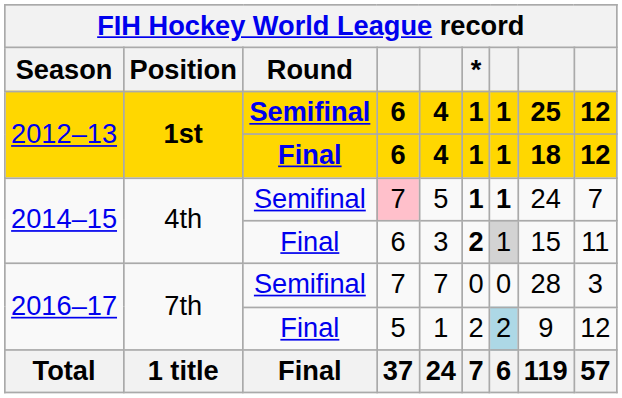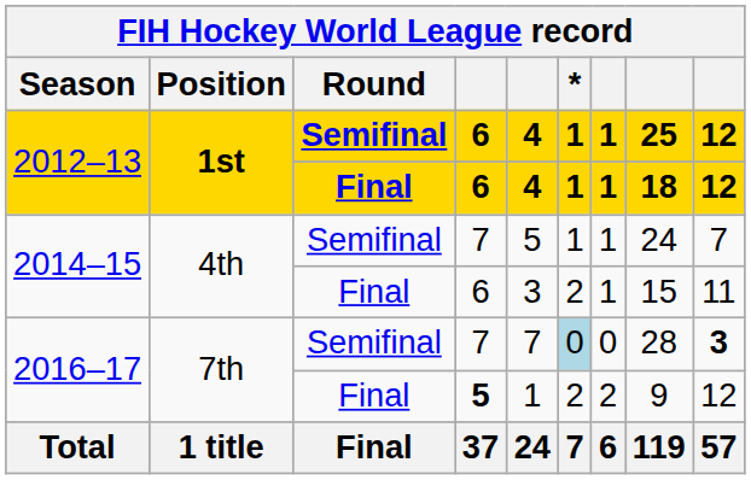 <table class="wikitable" style="text-align: center;">
 <tr>
 <th colspan=9><a href='#'>FIH Hockey World League</a> record</th>
 </tr>
 <tr>
 <th>Season</th>
 <th>Position</th>
 <th>Round</th>
 <th></th>
 <th></th>
 <th>*</th>
 <th></th>
 <th></th>
 <th></th>
 </tr>
 <tr bgcolor=gold>
 <td rowspan=2><a href='#'>2012–13</a></td>
 <td rowspan=2><strong>1st</strong></td>
 <td><strong><a href='#'>Semifinal</a></strong></td>
 <td><strong>6</strong></td>
 <td><strong>4</strong></td>
 <td><strong>1</strong></td>
 <td><strong>1</strong></td>
 <td><strong>25</strong></td>
 <td><strong>12</strong></td>
 </tr>
 <tr bgcolor=gold>
 <td><strong><a href='#'>Final</a></strong></td>
 <td><strong>6</strong></td>
 <td><strong>4</strong></td>
 <td><strong>1</strong></td>
 <td><strong>1</strong></td>
 <td><strong>18</strong></td>
 <td><strong>12</strong></td>
 </tr>
 <tr>
 <td rowspan=2><a href='#'>2014–15</a></td>
 <td rowspan=2>4th</td>
 <td><a href='#'>Semifinal</a></td>
-<td style="background: pink;">7</td>
+<td>7</td>
 <td>5</td>
-<td><strong>1</strong></td>
-<td><strong>1</strong></td>
+<td>1</td>
+<td>1</td>
 <td>24</td>
 <td>7</td>
 </tr>
 <tr>
 <td><a href='#'>Final</a></td>
 <td>6</td>
 <td>3</td>
-<td><strong>2</strong></td>
-<td style="background: lightgrey;">1</td>
+<td>2</td>
+<td>1</td>
 <td>15</td>
 <td>11</td>
 </tr>
 <tr>
 <td rowspan=2><a href='#'>2016–17</a></td>
 <td rowspan=2>7th</td>
 <td><a href='#'>Semifinal</a></td>
 <td>7</td>
 <td>7</td>
-<td>0</td>
+<td style="background: lightblue;">0</td>
 <td>0</td>
 <td>28</td>
-<td>3</td>
+<td><strong>3</strong></td>
 </tr>
 <tr>
 <td><a href='#'>Final</a></td>
-<td>5</td>
+<td><strong>5</strong></td>
 <td>1</td>
 <td>2</td>
-<td style="background: lightblue;">2</td>
+<td>2</td>
 <td>9</td>
 <td>12</td>
 </tr>
 <tr>
 <th>Total</th>
 <th>1 title</th>
 <th>Final</th>
 <th>37</th>
 <th>24</th>
 <th>7</th>
 <th>6</th>
 <th>119</th>
 <th>57</th>
 </tr>
 </table>
